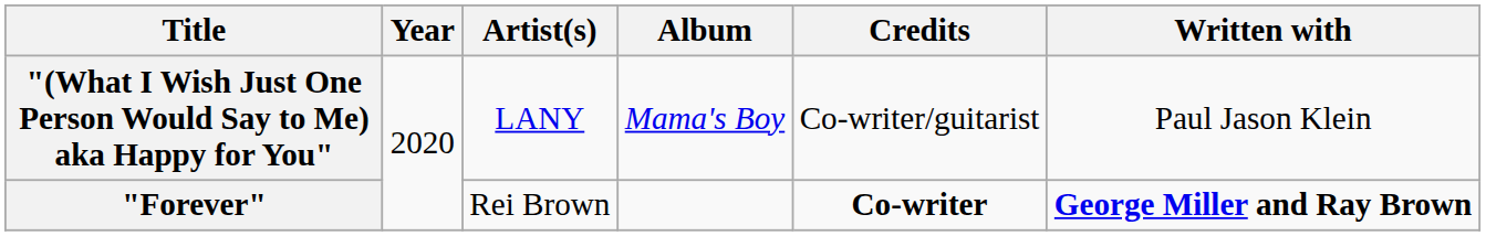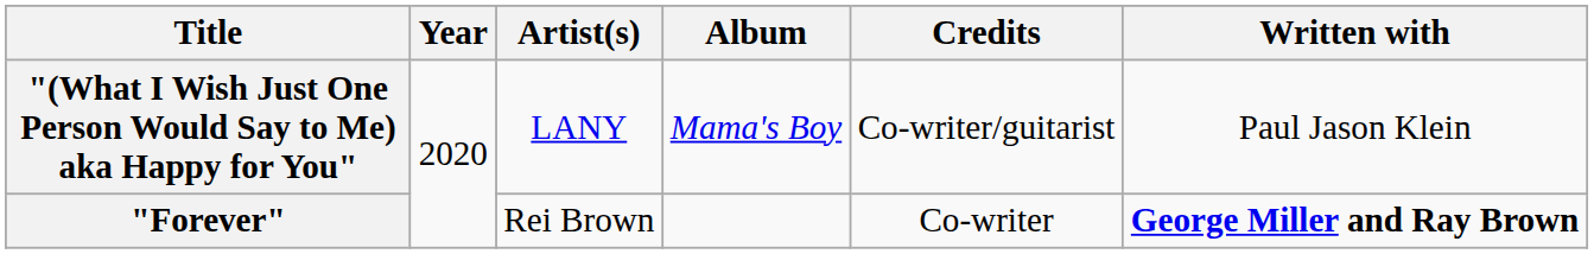 <table class="wikitable plainrowheaders" style="text-align:center;">
 <tr>
 <th scope="col" style="width:180px;">Title</th>
 <th scope="col">Year</th>
 <th scope="col">Artist(s)</th>
 <th scope="col">Album</th>
 <th scope="col">Credits</th>
 <th scope="col">Written with</th>
 </tr>
 <tr>
 <th scope="row">"(What I Wish Just One Person Would Say to Me) aka Happy for You"</th>
 <td rowspan="2">2020</td>
 <td><a href='#'>LANY</a></td>
 <td><em><a href='#'>Mama's Boy</a></em></td>
 <td>Co-writer/guitarist</td>
 <td>Paul Jason Klein</td>
 </tr>
 <tr>
 <th scope="row">"Forever"</th>
 <td>Rei Brown</td>
 <td></td>
-<td><strong>Co-writer</strong></td>
+<td>Co-writer</td>
 <td><strong><a href='#'>George Miller</a> and Ray Brown</strong></td>
 </tr>
 </table>
